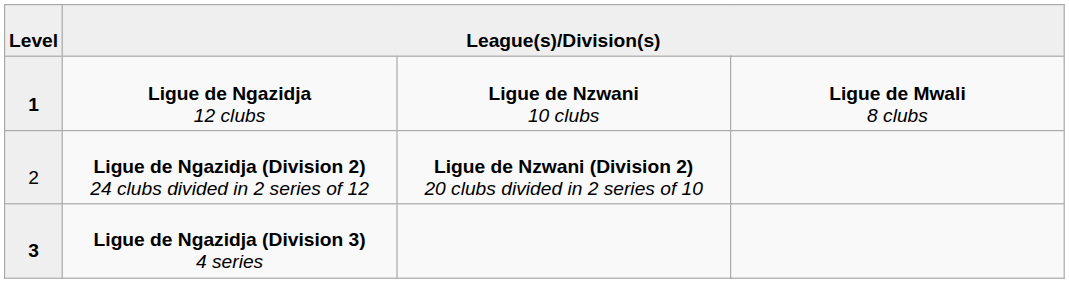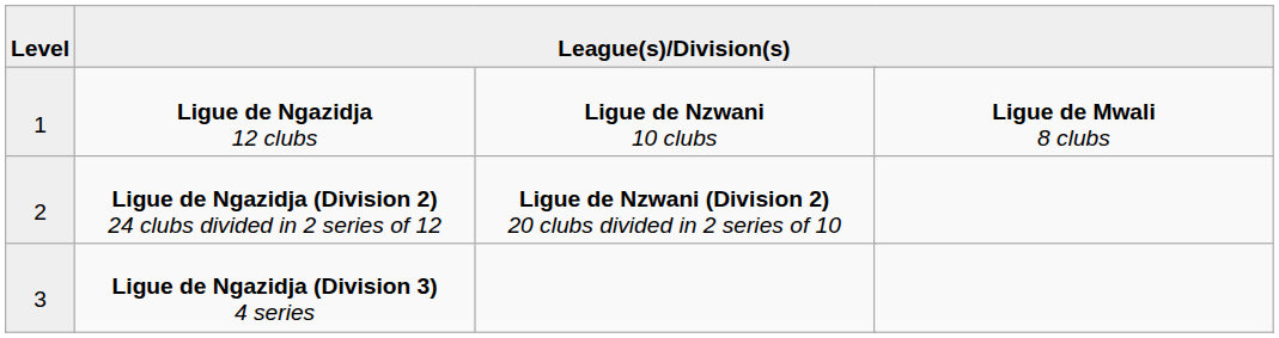 <table class="wikitable" style="text-align:center; width:100%;">
 <tr style="background:#efefef;">
 <td style="width:4%; text-align:center;"><br><strong>Level</strong></td>
 <td colspan="12"  style="width:96%; text-align:center;"><br><strong>League(s)/Division(s)</strong></td>
 </tr>
 <tr>
-<td style="text-align:center; width:4%; background:#efefef;"><strong><br>1</strong></td>
+<td style="text-align:center; width:4%; background:#efefef;"><br>1</td>
 <td colspan="3" style="width:32%;"><br><strong>Ligue de Ngazidja</strong><br> <em>12 clubs</em></td>
 <td colspan="3" style="width:32%;"><br><strong>Ligue de Nzwani</strong><br> <em>10 clubs</em></td>
 <td colspan="3" style="width:32%;"><br><strong>Ligue de Mwali</strong><br> <em>8 clubs</em></td>
 </tr>
 <tr>
 <td style="text-align:center; width:4%; background:#efefef;"><br>2</td>
 <td colspan="3" style="width:32%;"><br><strong>Ligue de Ngazidja (Division 2)</strong><br> <em>24 clubs divided in 2 series of 12</em></td>
 <td colspan="3" style="width:32%;"><br><strong>Ligue de Nzwani (Division 2)</strong><br> <em>20 clubs divided in 2 series of 10</em></td>
 <td colspan="3" style="width:32%;"><br><br></td>
 </tr>
 <tr>
-<td style="text-align:center; width:4%; background:#efefef;"><strong><br>3</strong></td>
+<td style="text-align:center; width:4%; background:#efefef;"><br>3</td>
 <td colspan="3" style="width:32%;"><br><strong>Ligue de Ngazidja (Division 3)</strong><br> <em>4 series</em></td>
 <td colspan="3" style="width:32%;"><br><br></td>
 <td colspan="3" style="width:32%;"><br><br></td>
 </tr>
 </table>
